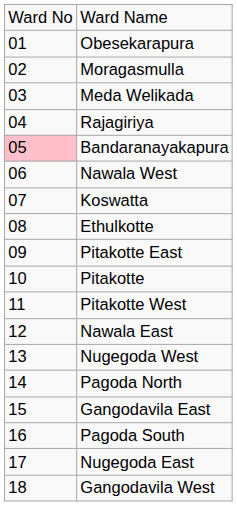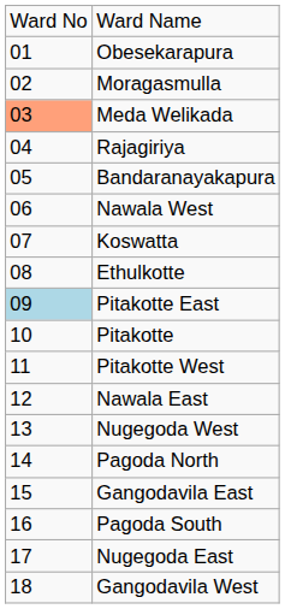 <table class="wikitable">
 <tr>
 <td>Ward No</td>
 <td>Ward Name</td>
 </tr>
 <tr>
 <td>01</td>
 <td>Obesekarapura</td>
 </tr>
 <tr>
 <td>02</td>
 <td>Moragasmulla</td>
 </tr>
 <tr>
-<td>03</td>
+<td style="background: lightsalmon;">03</td>
 <td>Meda Welikada</td>
 </tr>
 <tr>
 <td>04</td>
 <td>Rajagiriya</td>
 </tr>
 <tr>
-<td style="background: pink;">05</td>
+<td>05</td>
 <td>Bandaranayakapura</td>
 </tr>
 <tr>
 <td>06</td>
 <td>Nawala West</td>
 </tr>
 <tr>
 <td>07</td>
 <td>Koswatta</td>
 </tr>
 <tr>
 <td>08</td>
 <td>Ethulkotte</td>
 </tr>
 <tr>
-<td>09</td>
+<td style="background: lightblue;">09</td>
 <td>Pitakotte East</td>
 </tr>
 <tr>
 <td>10</td>
 <td>Pitakotte</td>
 </tr>
 <tr>
 <td>11</td>
 <td>Pitakotte West</td>
 </tr>
 <tr>
 <td>12</td>
 <td>Nawala East</td>
 </tr>
 <tr>
 <td>13</td>
 <td>Nugegoda West</td>
 </tr>
 <tr>
 <td>14</td>
 <td>Pagoda North</td>
 </tr>
 <tr>
 <td>15</td>
 <td>Gangodavila East</td>
 </tr>
 <tr>
 <td>16</td>
 <td>Pagoda South</td>
 </tr>
 <tr>
 <td>17</td>
 <td>Nugegoda East</td>
 </tr>
 <tr>
 <td>18</td>
 <td>Gangodavila West</td>
 </tr>
 </table>
